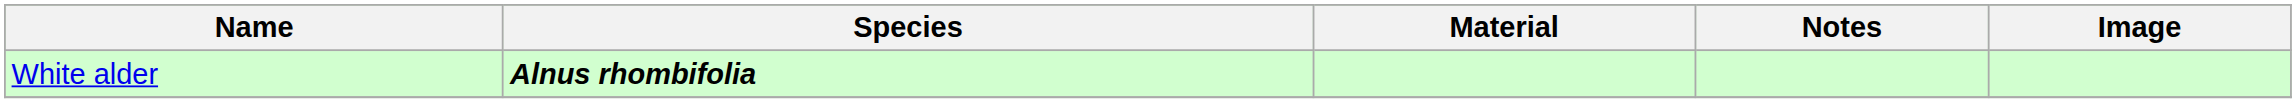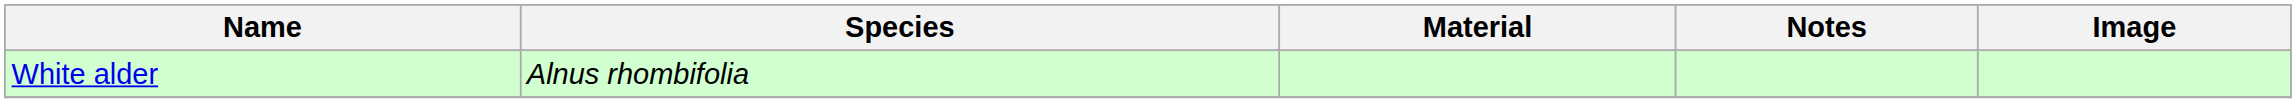 <table class="wikitable" align="center" width="100%" style="background:#D1FFCF;">
 <tr>
 <th>Name</th>
 <th>Species</th>
 <th>Material</th>
 <th>Notes</th>
 <th>Image</th>
 </tr>
 <tr>
 <td><a href='#'>White alder</a></td>
-<td><strong><em>Alnus rhombifolia</em></strong></td>
+<td><em>Alnus rhombifolia</em></td>
 <td></td>
 <td></td>
 <td></td>
 </tr>
 <tr>
 </tr>
 </table>
